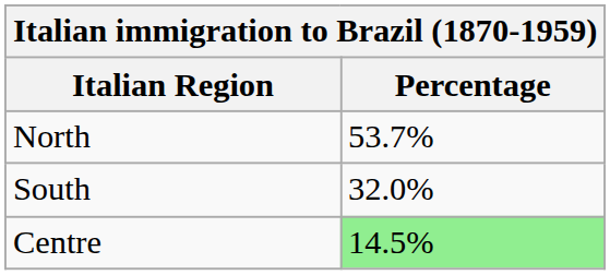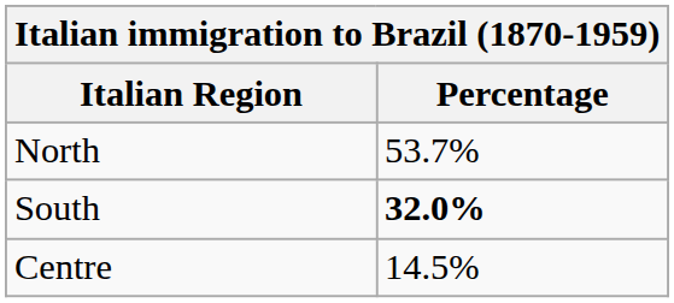 <table class=wikitable>
 <tr>
 <th colspan=4>Italian immigration to Brazil (1870-1959)</th>
 </tr>
 <tr>
 <th>Italian Region</th>
 <th>Percentage</th>
 </tr>
 <tr>
 <td>North</td>
 <td>53.7%</td>
 </tr>
 <tr>
 <td>South</td>
-<td>32.0%</td>
+<td><strong>32.0%</strong></td>
 </tr>
 <tr>
 <td>Centre</td>
-<td style="background: lightgreen;">14.5%</td>
+<td>14.5%</td>
 </tr>
 </table>
